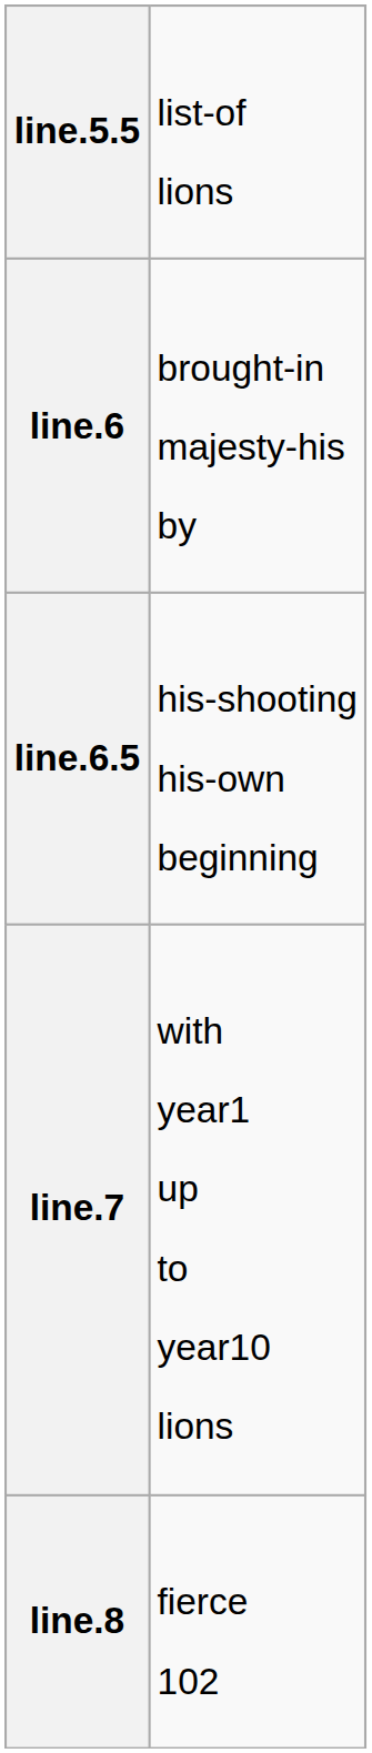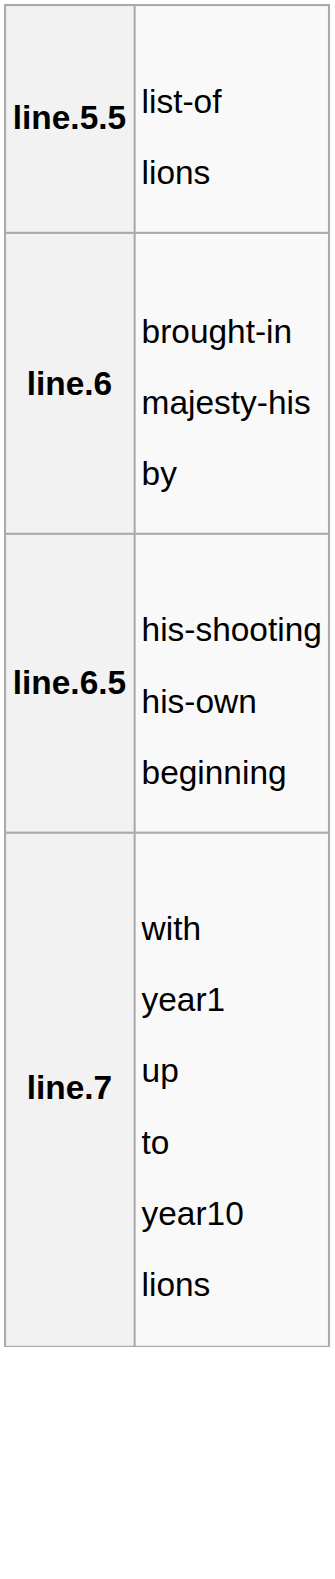 <table class="wikitable">
 <tr>
 <th>line.5.5</th>
 <td><div><br>  <p>list-of</p> <p>lions</p> </div></td>
 </tr>
 <tr>
 <th>line.6</th>
 <td><div><br>   <p>brought-in</p> <p>majesty-his</p> <p>by</p> </div></td>
 </tr>
 <tr>
 <th>line.6.5</th>
 <td><div><br>   <p>his-shooting</p> <p>his-own</p> <p>beginning</p> </div></td>
 </tr>
 <tr>
 <th>line.7</th>
 <td><div><br>      <p>with</p> <p>year1</p> <p>up</p> <p>to</p> <p>year10</p> <p>lions</p> </div></td>
 </tr>
-<tr>
-<th>line.8</th>
-<td><div><br>  <p>fierce</p> <p>102</p> </div></td>
-</tr>
 </table>
